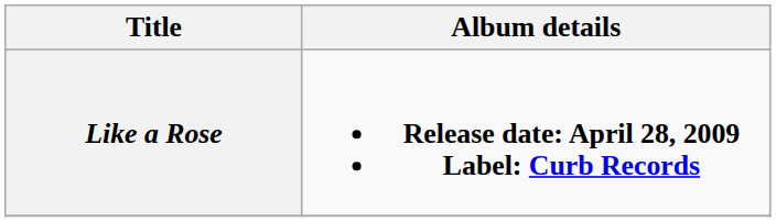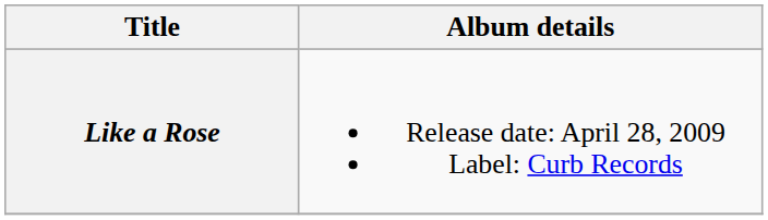 <table class="wikitable plainrowheaders" style="text-align:center;">
 <tr>
 <th style="width:10em;">Title</th>
 <th style="width:16em;">Album details</th>
 </tr>
 <tr>
 <th scope="row"><em>Like a Rose</em></th>
-<td><strong><br><ul><li>Release date: April 28, 2009</li><li>Label: <a href='#'>Curb Records</a></li></ul></strong></td>
+<td><br><ul><li>Release date: April 28, 2009</li><li>Label: <a href='#'>Curb Records</a></li></ul></td>
 </tr>
 <tr>
 </tr>
 </table>
